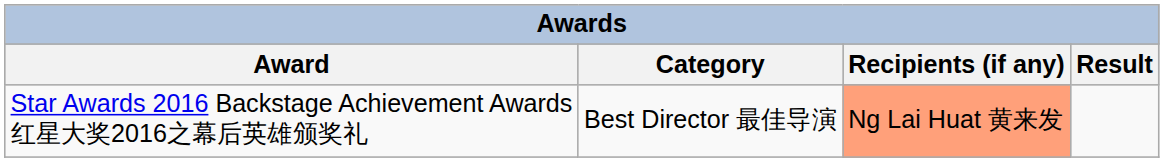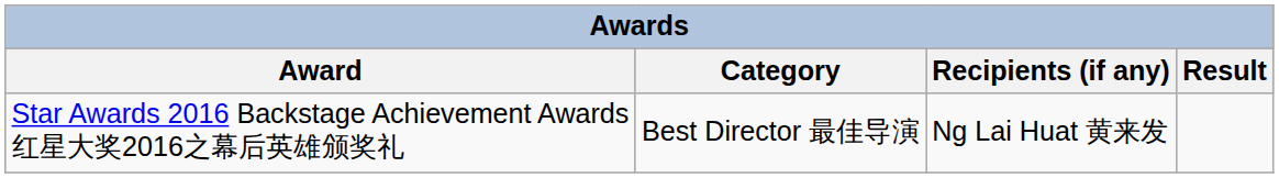 <table class="wikitable sortable">
 <tr style="background:#ccc; text-align:center;">
 <th colspan="4" style="background: LightSteelBlue;">Awards</th>
 </tr>
 <tr style="background:#ccc; text-align:center;">
 <th>Award</th>
 <th>Category</th>
 <th>Recipients (if any)</th>
 <th>Result</th>
 </tr>
 <tr>
 <td><a href='#'>Star Awards 2016</a> Backstage Achievement Awards <br> 红星大奖2016之幕后英雄颁奖礼</td>
 <td>Best Director 最佳导演</td>
-<td style="background: lightsalmon;">Ng Lai Huat 黄来发</td>
+<td>Ng Lai Huat 黄来发</td>
 <td></td>
 </tr>
 </table>
